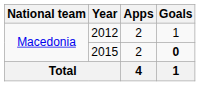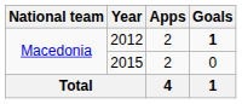 <table class=wikitable style="text-align: center;">
 <tr>
 <th>National team</th>
 <th>Year</th>
 <th>Apps</th>
 <th>Goals</th>
 </tr>
 <tr>
 <td rowspan=2><a href='#'>Macedonia</a></td>
 <td>2012</td>
 <td>2</td>
-<td>1</td>
+<td><strong>1</strong></td>
 </tr>
 <tr>
 <td>2015</td>
 <td>2</td>
-<td><strong>0</strong></td>
+<td>0</td>
 </tr>
 <tr>
 <th colspan=2>Total</th>
 <th>4</th>
 <th>1</th>
 </tr>
 </table>
